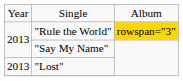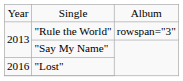 <table class="wikitable plainrowheaders" style="text-align:center;">
 <tr>
 <td>Year</td>
 <td>Single</td>
 <td>Album</td>
 </tr>
 <tr>
 <td rowspan="2">2013</td>
 <td style="text-align:left;">"Rule the World"</td>
-<td style="background: gold;">rowspan="3" </td>
+<td>rowspan="3" </td>
 </tr>
 <tr>
 <td style="text-align:left;">"Say My Name"</td>
 </tr>
 <tr>
-<td>2013</td>
+<td>2016</td>
 <td style="text-align:left;">"Lost"</td>
 </tr>
 <tr>
 </tr>
 </table>
